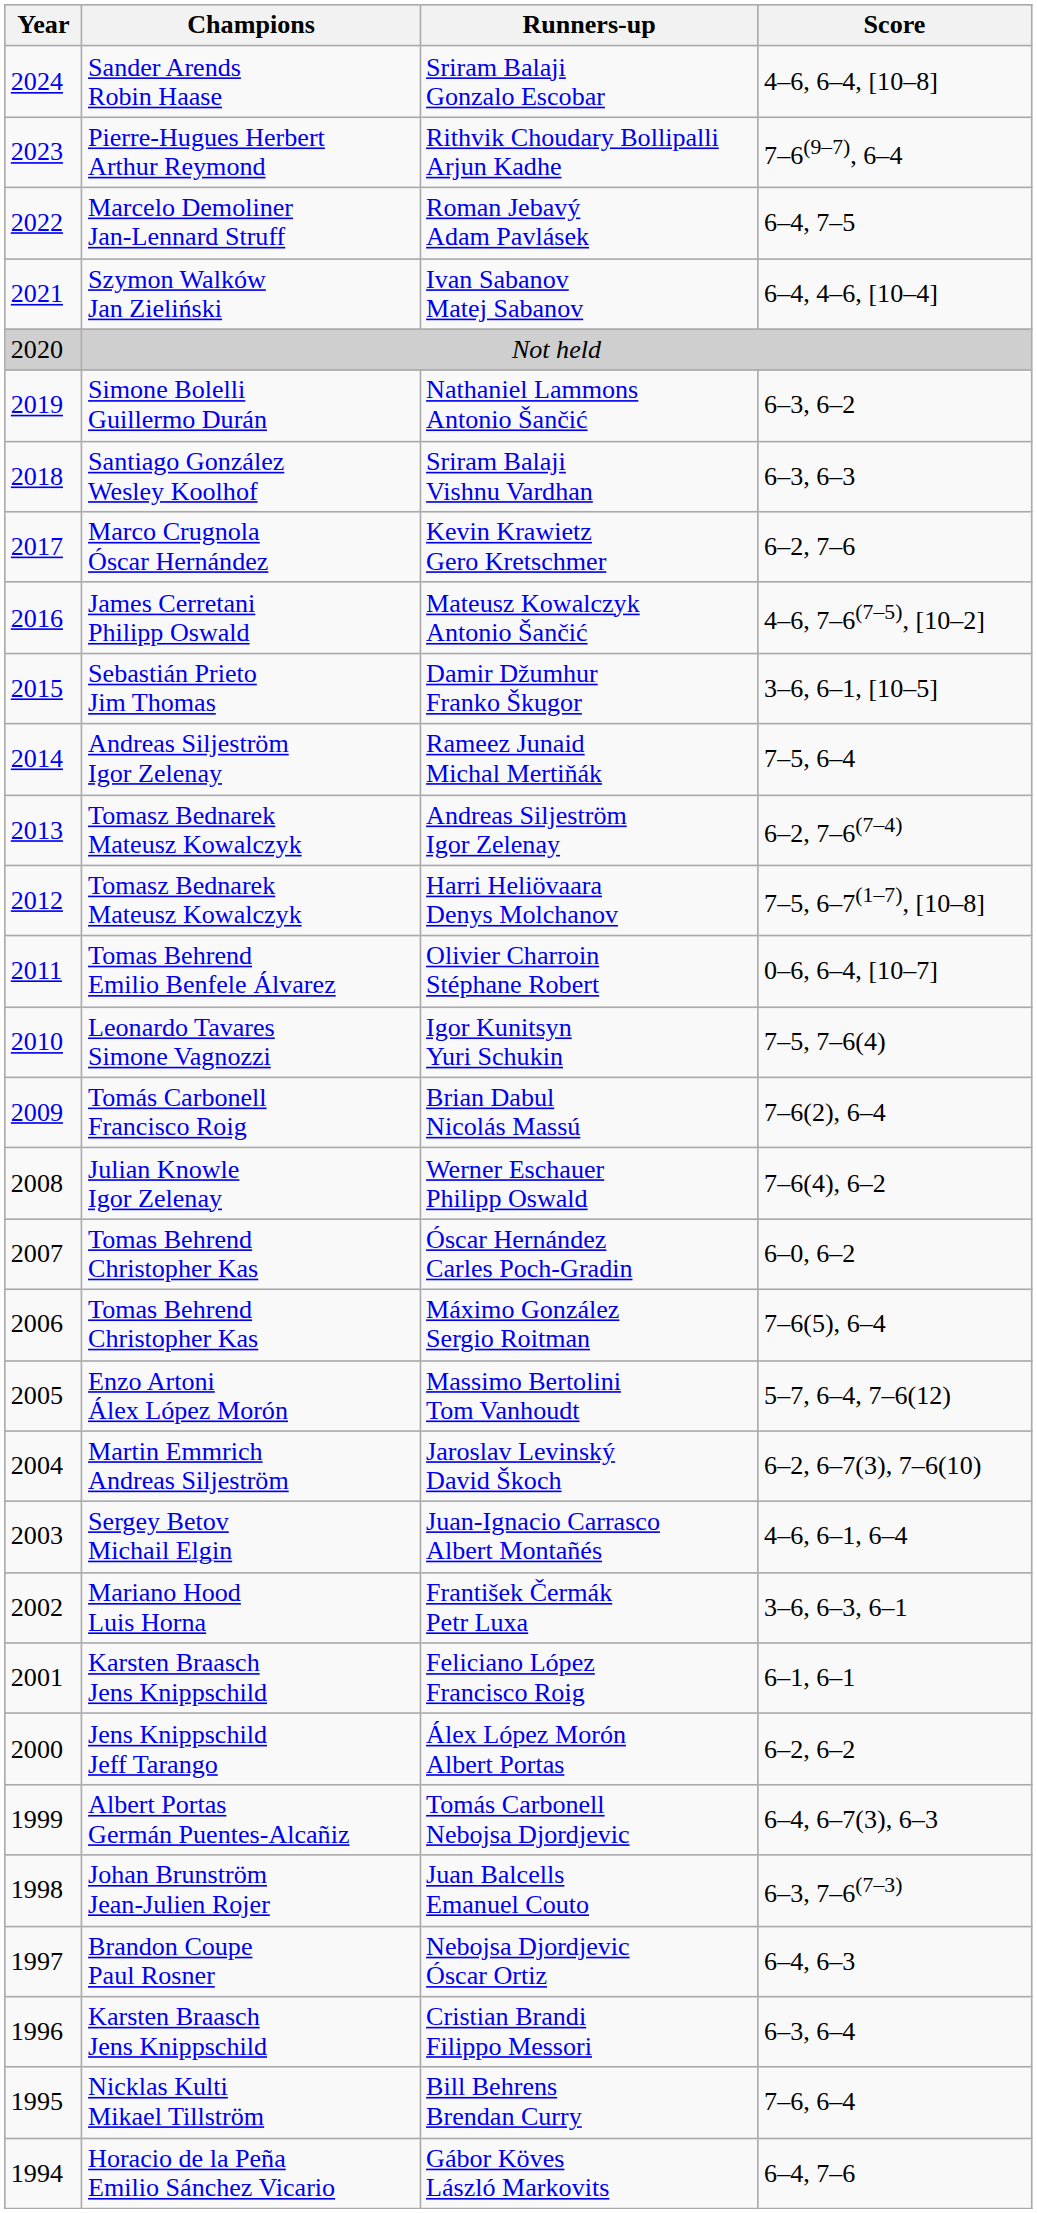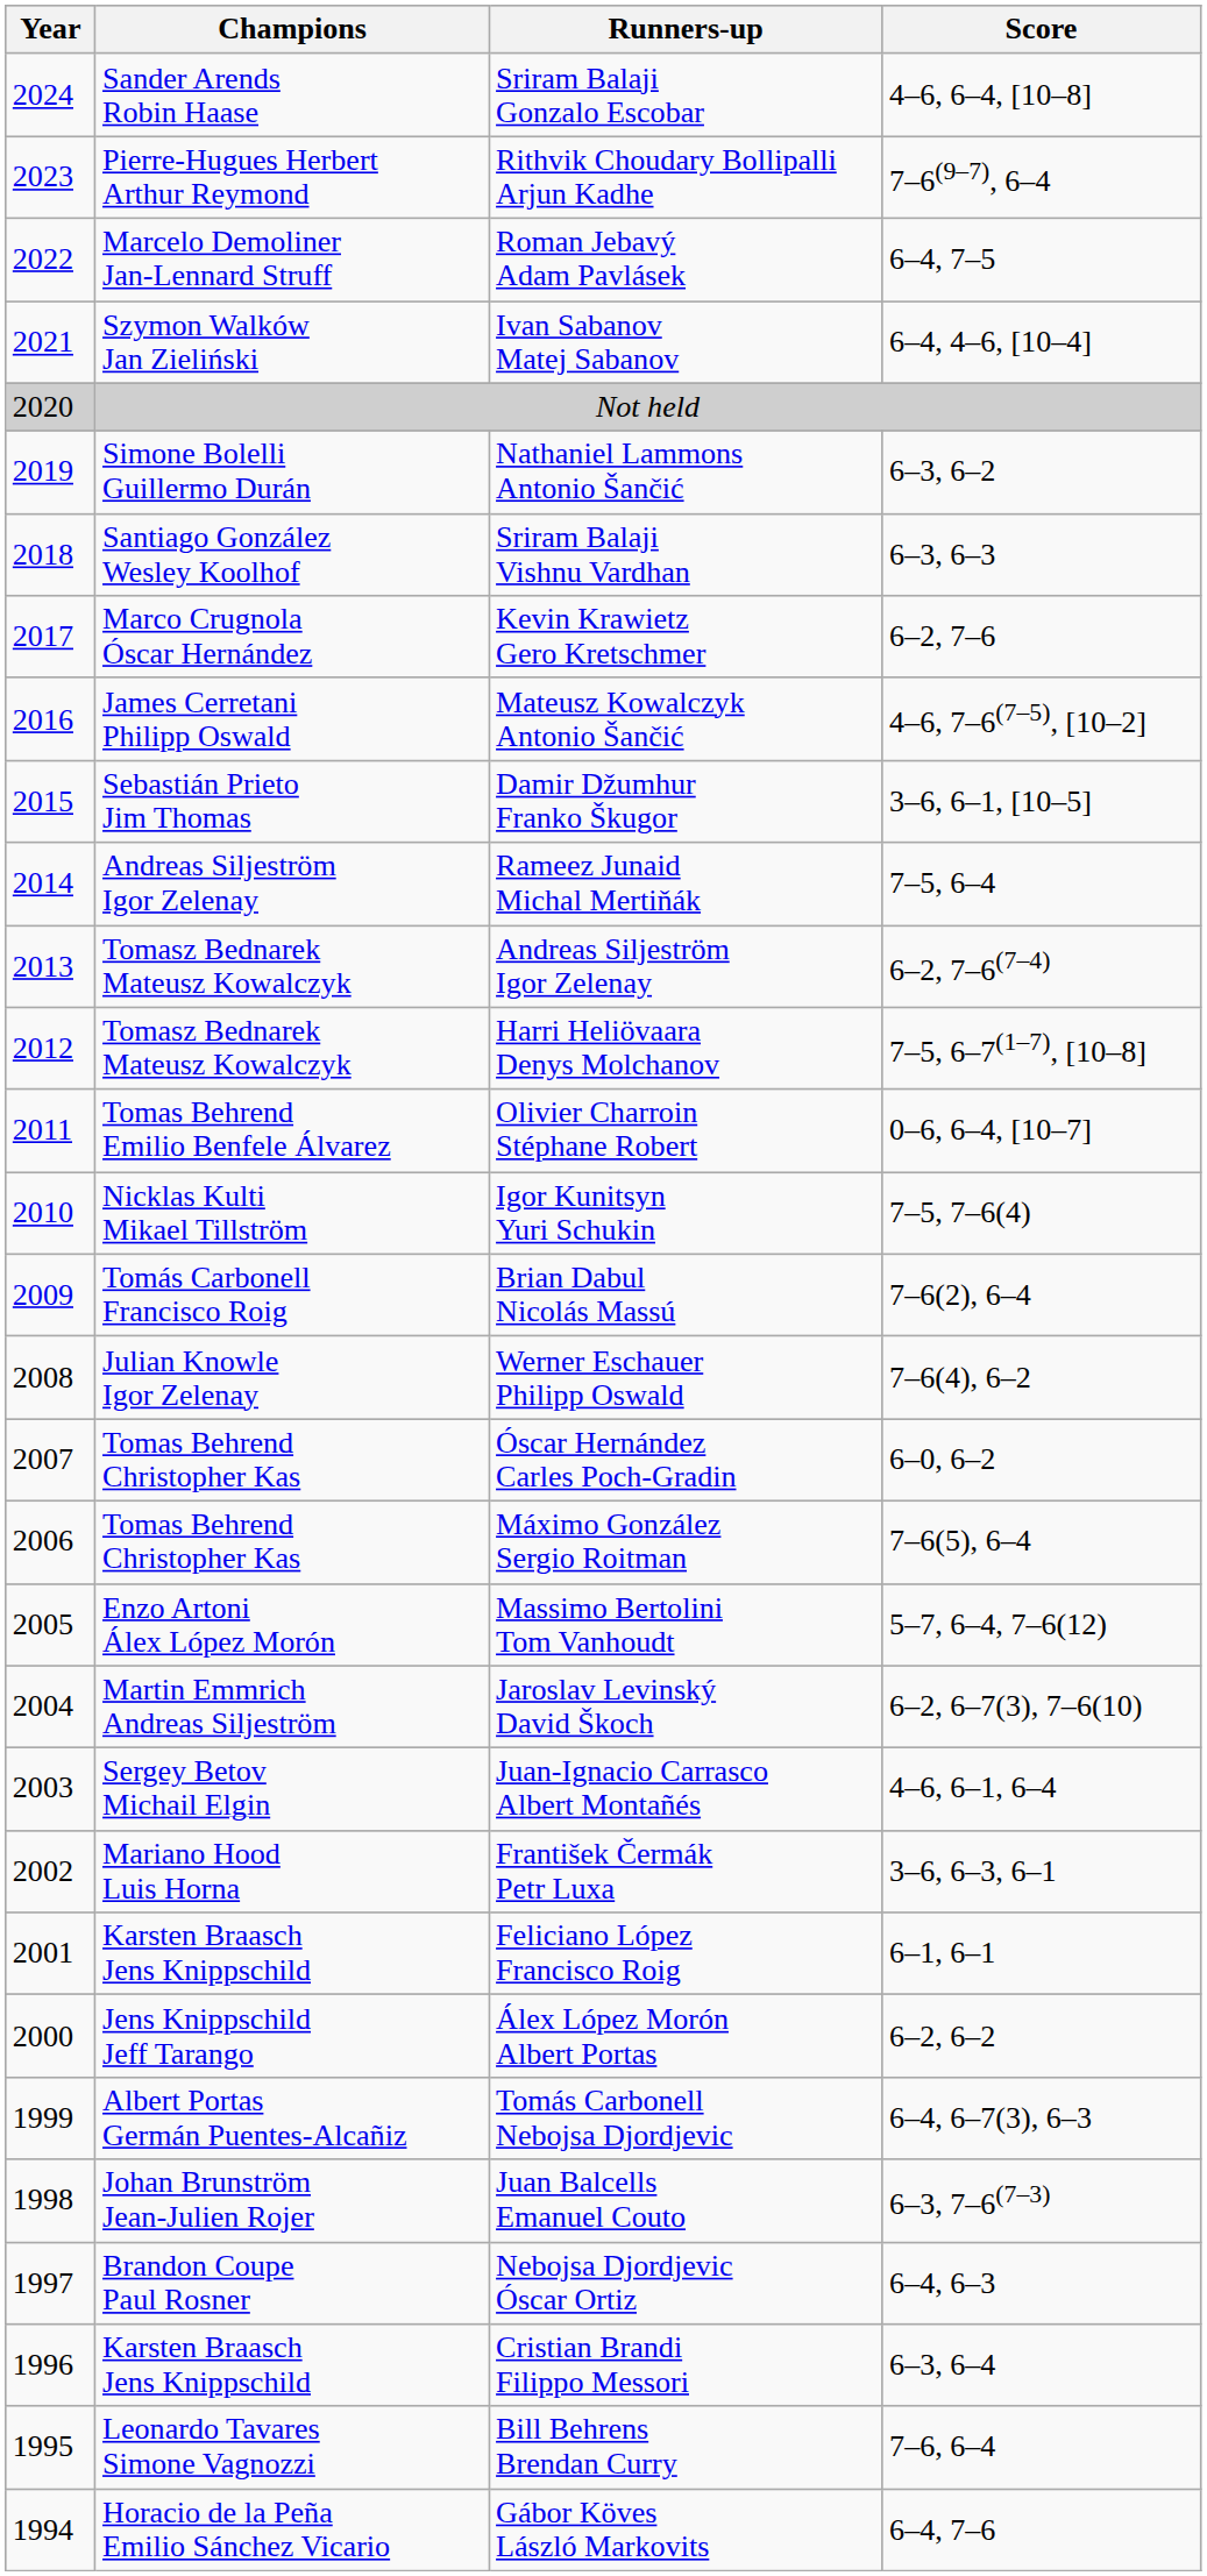 <table class="wikitable">
 <tr>
 <th style="width:40px">Year</th>
 <th style="width:200px">Champions</th>
 <th style="width:200px">Runners-up</th>
 <th style="width:160px" class="unsortable">Score</th>
 </tr>
 <tr>
 <td><a href='#'>2024</a></td>
 <td> <a href='#'>Sander Arends</a> <br>  <a href='#'>Robin Haase</a></td>
 <td> <a href='#'>Sriram Balaji</a> <br>  <a href='#'>Gonzalo Escobar</a></td>
 <td>4–6, 6–4, [10–8]</td>
 </tr>
 <tr>
 <td><a href='#'>2023</a></td>
 <td> <a href='#'>Pierre-Hugues Herbert</a> <br>  <a href='#'>Arthur Reymond</a></td>
 <td> <a href='#'>Rithvik Choudary Bollipalli</a> <br>  <a href='#'>Arjun Kadhe</a></td>
 <td>7–6<sup>(9–7)</sup>, 6–4</td>
 </tr>
 <tr>
 <td><a href='#'>2022</a></td>
 <td> <a href='#'>Marcelo Demoliner</a> <br>  <a href='#'>Jan-Lennard Struff</a></td>
 <td> <a href='#'>Roman Jebavý</a> <br>  <a href='#'>Adam Pavlásek</a></td>
 <td>6–4, 7–5</td>
 </tr>
 <tr>
 <td><a href='#'>2021</a></td>
 <td> <a href='#'>Szymon Walków</a> <br>  <a href='#'>Jan Zieliński</a></td>
 <td> <a href='#'>Ivan Sabanov</a> <br>  <a href='#'>Matej Sabanov</a></td>
 <td>6–4, 4–6, [10–4]</td>
 </tr>
 <tr>
 <td style="background:#cfcfcf">2020</td>
 <td colspan=3 align=center style="background:#cfcfcf"><em>Not held</em></td>
 </tr>
 <tr>
 <td><a href='#'>2019</a></td>
 <td> <a href='#'>Simone Bolelli</a> <br>  <a href='#'>Guillermo Durán</a></td>
 <td> <a href='#'>Nathaniel Lammons</a> <br>  <a href='#'>Antonio Šančić</a></td>
 <td>6–3, 6–2</td>
 </tr>
 <tr>
 <td><a href='#'>2018</a></td>
 <td> <a href='#'>Santiago González</a> <br>  <a href='#'>Wesley Koolhof</a></td>
 <td> <a href='#'>Sriram Balaji</a> <br>  <a href='#'>Vishnu Vardhan</a></td>
 <td>6–3, 6–3</td>
 </tr>
 <tr>
 <td><a href='#'>2017</a></td>
 <td> <a href='#'>Marco Crugnola</a> <br>  <a href='#'>Óscar Hernández</a></td>
 <td> <a href='#'>Kevin Krawietz</a> <br>  <a href='#'>Gero Kretschmer</a></td>
 <td>6–2, 7–6</td>
 </tr>
 <tr>
 <td><a href='#'>2016</a></td>
 <td> <a href='#'>James Cerretani</a> <br>  <a href='#'>Philipp Oswald</a></td>
 <td> <a href='#'>Mateusz Kowalczyk</a> <br>  <a href='#'>Antonio Šančić</a></td>
 <td>4–6, 7–6<sup>(7–5)</sup>, [10–2]</td>
 </tr>
 <tr>
 <td><a href='#'>2015</a></td>
 <td> <a href='#'>Sebastián Prieto</a> <br>  <a href='#'>Jim Thomas</a></td>
 <td> <a href='#'>Damir Džumhur</a> <br>  <a href='#'>Franko Škugor</a></td>
 <td>3–6, 6–1, [10–5]</td>
 </tr>
 <tr>
 <td><a href='#'>2014</a></td>
 <td> <a href='#'>Andreas Siljeström</a> <br>  <a href='#'>Igor Zelenay</a></td>
 <td> <a href='#'>Rameez Junaid</a> <br>  <a href='#'>Michal Mertiňák</a></td>
 <td>7–5, 6–4</td>
 </tr>
 <tr>
 <td><a href='#'>2013</a></td>
 <td> <a href='#'>Tomasz Bednarek</a> <br>  <a href='#'>Mateusz Kowalczyk</a></td>
 <td> <a href='#'>Andreas Siljeström</a> <br>  <a href='#'>Igor Zelenay</a></td>
 <td>6–2, 7–6<sup>(7–4)</sup></td>
 </tr>
 <tr>
 <td><a href='#'>2012</a></td>
 <td> <a href='#'>Tomasz Bednarek</a> <br>  <a href='#'>Mateusz Kowalczyk</a></td>
 <td> <a href='#'>Harri Heliövaara</a> <br>  <a href='#'>Denys Molchanov</a></td>
 <td>7–5, 6–7<sup>(1–7)</sup>, [10–8]</td>
 </tr>
 <tr>
 <td><a href='#'>2011</a></td>
 <td> <a href='#'>Tomas Behrend</a> <br>  <a href='#'>Emilio Benfele Álvarez</a></td>
 <td> <a href='#'>Olivier Charroin</a> <br>  <a href='#'>Stéphane Robert</a></td>
 <td>0–6, 6–4, [10–7]</td>
 </tr>
 <tr>
 <td><a href='#'>2010</a></td>
-<td> <a href='#'>Leonardo Tavares</a> <br>  <a href='#'>Simone Vagnozzi</a></td>
+<td> <a href='#'>Nicklas Kulti</a> <br>  <a href='#'>Mikael Tillström</a></td>
 <td> <a href='#'>Igor Kunitsyn</a> <br>  <a href='#'>Yuri Schukin</a></td>
 <td>7–5, 7–6(4)</td>
 </tr>
 <tr>
 <td><a href='#'>2009</a></td>
 <td> <a href='#'>Tomás Carbonell</a> <br>  <a href='#'>Francisco Roig</a></td>
 <td> <a href='#'>Brian Dabul</a> <br> <a href='#'>Nicolás Massú</a></td>
 <td>7–6(2), 6–4</td>
 </tr>
 <tr>
 <td>2008</td>
 <td> <a href='#'>Julian Knowle</a> <br>  <a href='#'>Igor Zelenay</a></td>
 <td> <a href='#'>Werner Eschauer</a> <br>  <a href='#'>Philipp Oswald</a></td>
 <td>7–6(4), 6–2</td>
 </tr>
 <tr>
 <td>2007</td>
 <td> <a href='#'>Tomas Behrend</a> <br>  <a href='#'>Christopher Kas</a></td>
 <td> <a href='#'>Óscar Hernández</a> <br>  <a href='#'>Carles Poch-Gradin</a></td>
 <td>6–0, 6–2</td>
 </tr>
 <tr>
 <td>2006</td>
 <td> <a href='#'>Tomas Behrend</a> <br>  <a href='#'>Christopher Kas</a></td>
 <td> <a href='#'>Máximo González</a> <br>  <a href='#'>Sergio Roitman</a></td>
 <td>7–6(5), 6–4</td>
 </tr>
 <tr>
 <td>2005</td>
 <td> <a href='#'>Enzo Artoni</a> <br>  <a href='#'>Álex López Morón</a></td>
 <td> <a href='#'>Massimo Bertolini</a> <br>  <a href='#'>Tom Vanhoudt</a></td>
 <td>5–7, 6–4, 7–6(12)</td>
 </tr>
 <tr>
 <td>2004</td>
 <td> <a href='#'>Martin Emmrich</a> <br>  <a href='#'>Andreas Siljeström</a></td>
 <td> <a href='#'>Jaroslav Levinský</a> <br>  <a href='#'>David Škoch</a></td>
 <td>6–2, 6–7(3), 7–6(10)</td>
 </tr>
 <tr>
 <td>2003</td>
 <td> <a href='#'>Sergey Betov</a> <br>  <a href='#'>Michail Elgin</a></td>
 <td> <a href='#'>Juan-Ignacio Carrasco</a> <br>  <a href='#'>Albert Montañés</a></td>
 <td>4–6, 6–1, 6–4</td>
 </tr>
 <tr>
 <td>2002</td>
 <td> <a href='#'>Mariano Hood</a> <br>  <a href='#'>Luis Horna</a></td>
 <td> <a href='#'>František Čermák</a> <br>  <a href='#'>Petr Luxa</a></td>
 <td>3–6, 6–3, 6–1</td>
 </tr>
 <tr>
 <td>2001</td>
 <td> <a href='#'>Karsten Braasch</a> <br>  <a href='#'>Jens Knippschild</a></td>
 <td> <a href='#'>Feliciano López</a> <br>  <a href='#'>Francisco Roig</a></td>
 <td>6–1, 6–1</td>
 </tr>
 <tr>
 <td>2000</td>
 <td> <a href='#'>Jens Knippschild</a> <br>  <a href='#'>Jeff Tarango</a></td>
 <td> <a href='#'>Álex López Morón</a> <br>  <a href='#'>Albert Portas</a></td>
 <td>6–2, 6–2</td>
 </tr>
 <tr>
 <td>1999</td>
 <td> <a href='#'>Albert Portas</a> <br>  <a href='#'>Germán Puentes-Alcañiz</a></td>
 <td> <a href='#'>Tomás Carbonell</a> <br>  <a href='#'>Nebojsa Djordjevic</a></td>
 <td>6–4, 6–7(3), 6–3</td>
 </tr>
 <tr>
 <td>1998</td>
 <td> <a href='#'>Johan Brunström</a> <br>  <a href='#'>Jean-Julien Rojer</a></td>
 <td> <a href='#'>Juan Balcells</a> <br>  <a href='#'>Emanuel Couto</a></td>
 <td>6–3, 7–6<sup>(7–3)</sup></td>
 </tr>
 <tr>
 <td>1997</td>
 <td> <a href='#'>Brandon Coupe</a> <br>  <a href='#'>Paul Rosner</a></td>
 <td> <a href='#'>Nebojsa Djordjevic</a> <br>  <a href='#'>Óscar Ortiz</a></td>
 <td>6–4, 6–3</td>
 </tr>
 <tr>
 <td>1996</td>
 <td> <a href='#'>Karsten Braasch</a> <br>  <a href='#'>Jens Knippschild</a></td>
 <td> <a href='#'>Cristian Brandi</a> <br>  <a href='#'>Filippo Messori</a></td>
 <td>6–3, 6–4</td>
 </tr>
 <tr>
 <td>1995</td>
-<td> <a href='#'>Nicklas Kulti</a> <br>  <a href='#'>Mikael Tillström</a></td>
+<td> <a href='#'>Leonardo Tavares</a> <br>  <a href='#'>Simone Vagnozzi</a></td>
 <td> <a href='#'>Bill Behrens</a> <br>  <a href='#'>Brendan Curry</a></td>
 <td>7–6, 6–4</td>
 </tr>
 <tr>
 <td>1994</td>
 <td> <a href='#'>Horacio de la Peña</a> <br>  <a href='#'>Emilio Sánchez Vicario</a></td>
 <td> <a href='#'>Gábor Köves</a> <br>  <a href='#'>László Markovits</a></td>
 <td>6–4, 7–6</td>
 </tr>
 </table>
